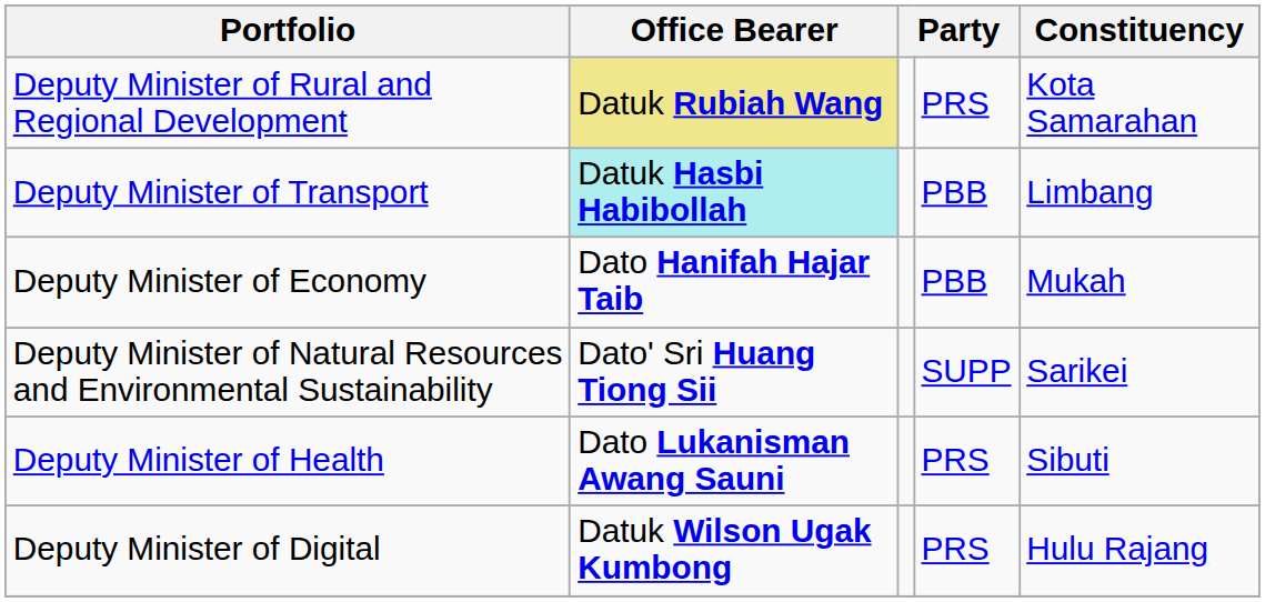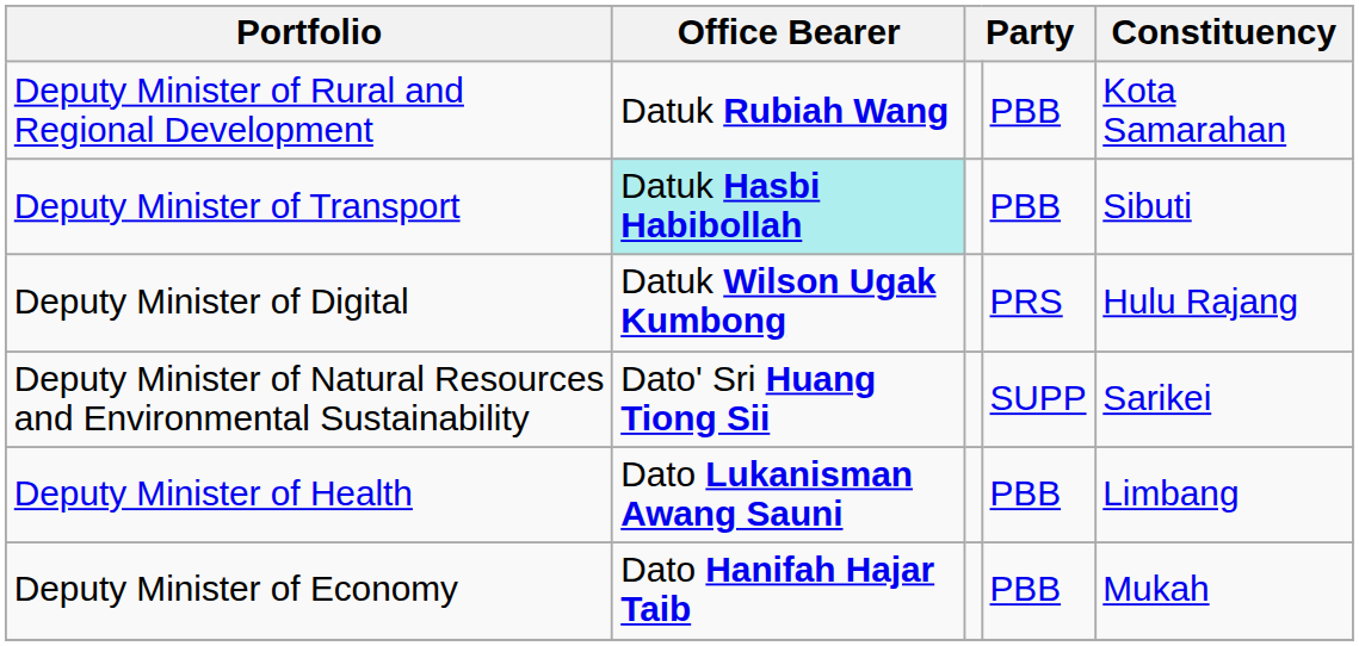 <table class="sortable wikitable">
 <tr>
 <th>Portfolio</th>
 <th>Office Bearer</th>
 <th colspan="2">Party</th>
 <th>Constituency</th>
 </tr>
 <tr>
 <td><a href='#'>Deputy Minister of Rural and Regional Development</a></td>
-<td style="background: khaki;">Datuk <strong><a href='#'>Rubiah Wang</a></strong> </td>
+<td>Datuk <strong><a href='#'>Rubiah Wang</a></strong> </td>
 <td></td>
-<td><a href='#'>PRS</a></td>
+<td><a href='#'>PBB</a></td>
 <td><a href='#'>Kota Samarahan</a></td>
 </tr>
 <tr>
 <td><a href='#'>Deputy Minister of Transport</a></td>
 <td style="background: paleturquoise;">Datuk <strong><a href='#'>Hasbi Habibollah</a></strong> </td>
+<td></td>
+<td><a href='#'>PBB</a></td>
+<td><a href='#'>Sibuti</a></td>
+</tr>
+<tr>
+<td>Deputy Minister of Digital</td>
+<td>Datuk <strong><a href='#'>Wilson Ugak Kumbong</a></strong> </td>
+<td></td>
+<td><a href='#'>PRS</a></td>
+<td><a href='#'>Hulu Rajang</a></td>
+</tr>
+<tr>
+<td>Deputy Minister of Natural Resources and Environmental Sustainability</td>
+<td>Dato' Sri <strong><a href='#'>Huang Tiong Sii</a></strong>  </td>
+<td></td>
+<td><a href='#'>SUPP</a></td>
+<td><a href='#'>Sarikei</a></td>
+</tr>
+<tr>
+<td><a href='#'>Deputy Minister of Health</a></td>
+<td>Dato <strong><a href='#'>Lukanisman Awang Sauni</a></strong> </td>
 <td></td>
 <td><a href='#'>PBB</a></td>
 <td><a href='#'>Limbang</a></td>
 </tr>
 <tr>
 <td>Deputy Minister of Economy</td>
 <td>Dato <strong><a href='#'>Hanifah Hajar Taib</a></strong> </td>
 <td></td>
 <td><a href='#'>PBB</a></td>
 <td><a href='#'>Mukah</a></td>
 </tr>
 <tr>
-<td>Deputy Minister of Natural Resources and Environmental Sustainability</td>
-<td>Dato' Sri <strong><a href='#'>Huang Tiong Sii</a></strong>  </td>
-<td></td>
-<td><a href='#'>SUPP</a></td>
-<td><a href='#'>Sarikei</a></td>
-</tr>
-<tr>
-<td><a href='#'>Deputy Minister of Health</a></td>
-<td>Dato <strong><a href='#'>Lukanisman Awang Sauni</a></strong> </td>
-<td></td>
-<td><a href='#'>PRS</a></td>
-<td><a href='#'>Sibuti</a></td>
-</tr>
-<tr>
-<td>Deputy Minister of Digital</td>
-<td>Datuk <strong><a href='#'>Wilson Ugak Kumbong</a></strong> </td>
-<td></td>
-<td><a href='#'>PRS</a></td>
-<td><a href='#'>Hulu Rajang</a></td>
-</tr>
-<tr>
 </tr>
 </table>
